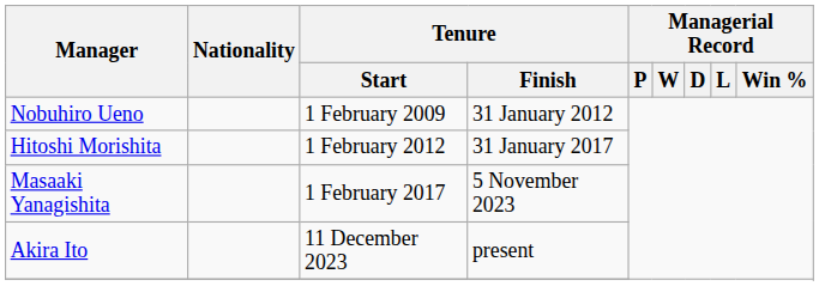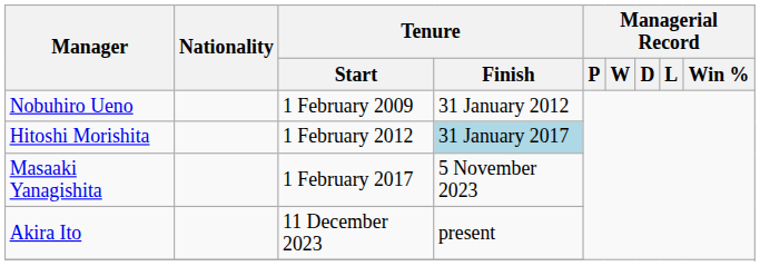 <table class="wikitable">
 <tr>
 <th rowspan="2">Manager</th>
 <th rowspan="2">Nationality</th>
 <th colspan="2">Tenure</th>
 <th colspan="5"><strong>Managerial Record</strong></th>
 </tr>
 <tr>
 <th>Start</th>
 <th>Finish</th>
 <th>P</th>
 <th>W</th>
 <th>D</th>
 <th>L</th>
 <th>Win %</th>
 </tr>
 <tr>
 <td><a href='#'>Nobuhiro Ueno</a></td>
 <td></td>
 <td>1 February 2009</td>
 <td>31 January 2012<br></td>
 </tr>
 <tr>
 <td><a href='#'>Hitoshi Morishita</a></td>
 <td></td>
 <td>1 February 2012</td>
-<td>31 January 2017<br></td>
+<td style="background: lightblue;">31 January 2017<br></td>
 </tr>
 <tr>
 <td><a href='#'>Masaaki Yanagishita</a></td>
 <td></td>
 <td>1 February 2017</td>
 <td>5 November 2023<br></td>
 </tr>
 <tr>
 <td><a href='#'>Akira Ito</a></td>
 <td></td>
 <td>11 December 2023</td>
 <td>present<br></td>
 </tr>
 <tr>
 </tr>
 </table>
